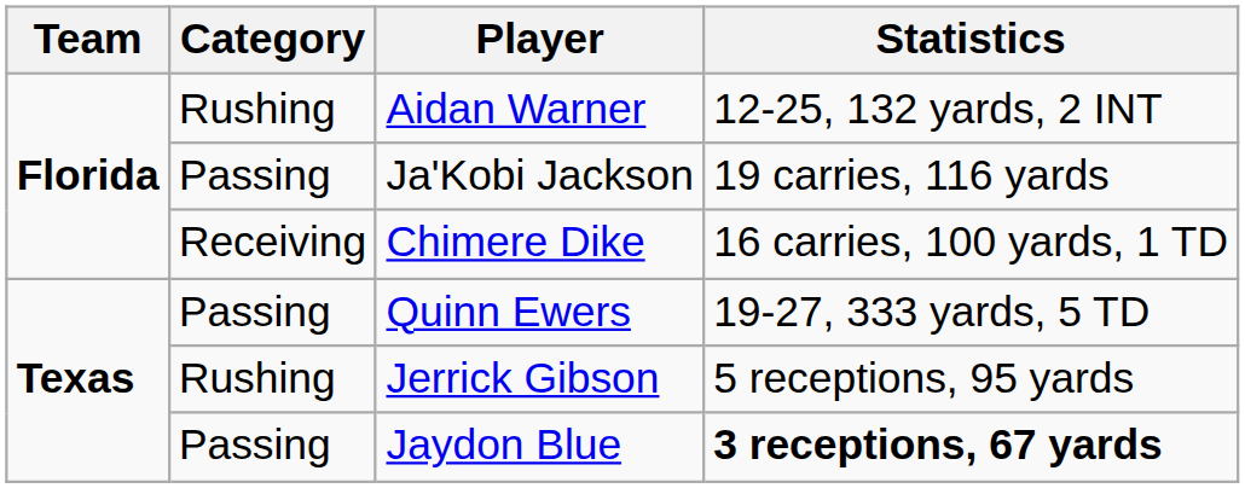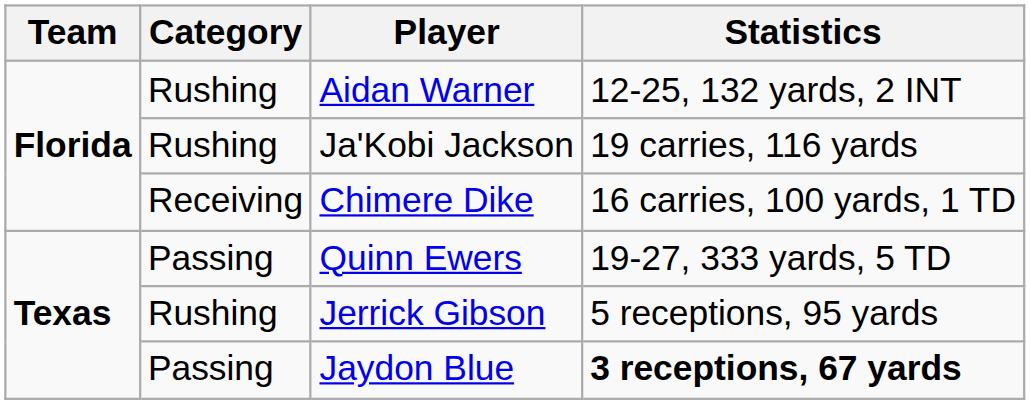 <table class="wikitable" style="float: right;">
 <tr>
 <th>Team</th>
 <th>Category</th>
 <th>Player</th>
 <th>Statistics</th>
 </tr>
 <tr>
 <td rowspan=3><strong>Florida</strong></td>
 <td>Rushing</td>
 <td><a href='#'>Aidan Warner</a></td>
 <td>12-25, 132 yards, 2 INT</td>
 </tr>
 <tr>
-<td>Passing</td>
+<td>Rushing</td>
 <td>Ja'Kobi Jackson</td>
 <td>19 carries, 116 yards</td>
 </tr>
 <tr>
 <td>Receiving</td>
 <td><a href='#'>Chimere Dike</a></td>
 <td>16 carries, 100 yards, 1 TD</td>
 </tr>
 <tr>
 <td rowspan=3><strong>Texas</strong></td>
 <td>Passing</td>
 <td><a href='#'>Quinn Ewers</a></td>
 <td>19-27, 333 yards, 5 TD</td>
 </tr>
 <tr>
 <td>Rushing</td>
 <td><a href='#'>Jerrick Gibson</a></td>
 <td>5 receptions, 95 yards</td>
 </tr>
 <tr>
 <td>Passing</td>
 <td><a href='#'>Jaydon Blue</a></td>
 <td><strong>3 receptions, 67 yards</strong></td>
 </tr>
 </table>
